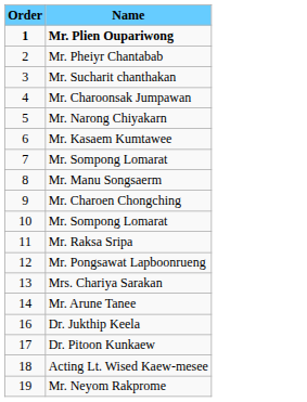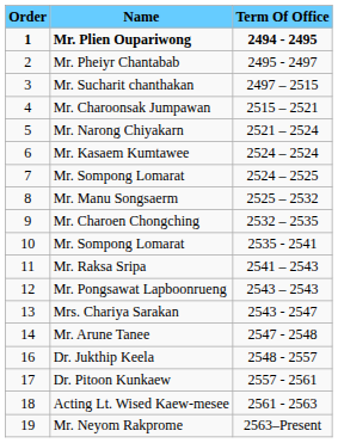 <table class="wikitable">
 <tr>
 <th style="background:#66ccff;text-align: center;">Order</th>
 <td style="background:#66ccff;text-align: center;"><strong>Name</strong></td>
+<th style="background:#66ccff;text-align: center;">Term Of Office</th>
 </tr>
 <tr>
 <td style = "text-align: center;"><strong>1</strong></td>
 <td><strong>Mr. Plien Oupariwong</strong></td>
+<td style = "text-align: center;"><strong>2494 - 2495</strong></td>
 </tr>
 <tr>
 <td style = "text-align: center;">2</td>
 <td>Mr. Pheiyr Chantabab</td>
+<td style = "text-align: center;">2495 - 2497</td>
 </tr>
 <tr>
 <td style = "text-align: center;">3</td>
 <td>Mr. Sucharit chanthakan</td>
+<td style = "text-align: center;">2497 – 2515</td>
 </tr>
 <tr>
 <td style = "text-align: center;">4</td>
 <td>Mr. Charoonsak Jumpawan</td>
+<td style = "text-align: center;">2515 – 2521</td>
 </tr>
 <tr>
 <td style = "text-align: center;">5</td>
 <td>Mr. Narong Chiyakarn</td>
+<td style = "text-align: center;">2521 – 2524</td>
 </tr>
 <tr>
 <td style = "text-align: center;">6</td>
 <td>Mr. Kasaem Kumtawee</td>
+<td style = "text-align: center;">2524 – 2524</td>
 </tr>
 <tr>
 <td style = "text-align: center;">7</td>
 <td>Mr. Sompong Lomarat</td>
+<td style = "text-align: center;">2524 – 2525</td>
 </tr>
 <tr>
 <td style = "text-align: center;">8</td>
 <td>Mr. Manu Songsaerm</td>
+<td style = "text-align: center;">2525 – 2532</td>
 </tr>
 <tr>
 <td style = "text-align: center;">9</td>
 <td>Mr. Charoen Chongching</td>
+<td style = "text-align: center;">2532 – 2535</td>
 </tr>
 <tr>
 <td style = "text-align: center;">10</td>
 <td>Mr. Sompong Lomarat</td>
+<td style = "text-align: center;">2535 - 2541</td>
 </tr>
 <tr>
 <td style = "text-align: center;">11</td>
 <td>Mr. Raksa Sripa</td>
+<td style = "text-align: center;">2541 – 2543</td>
 </tr>
 <tr>
 <td style = "text-align: center;">12</td>
 <td>Mr. Pongsawat Lapboonrueng</td>
+<td style = "text-align: center;">2543 – 2543</td>
 </tr>
 <tr>
 <td style = "text-align: center;">13</td>
 <td>Mrs. Chariya Sarakan</td>
+<td style = "text-align: center;">2543 - 2547</td>
 </tr>
 <tr>
 <td style = "text-align: center;">14</td>
 <td>Mr. Arune Tanee</td>
+<td style = "text-align: center;">2547 - 2548</td>
 </tr>
 <tr>
 <td style = "text-align: center;">16</td>
 <td>Dr. Jukthip Keela</td>
+<td style = "text-align: center;">2548 - 2557</td>
 </tr>
 <tr>
 <td style = "text-align: center;">17</td>
 <td>Dr. Pitoon Kunkaew</td>
+<td style = "text-align: center;">2557 - 2561</td>
 </tr>
 <tr>
 <td style = "text-align: center;">18</td>
 <td>Acting Lt. Wised Kaew-mesee</td>
+<td style = "text-align: center;">2561 - 2563</td>
 </tr>
 <tr>
 <td style = "text-align: center;">19</td>
 <td>Mr. Neyom Rakprome</td>
+<td style = "text-align: center;">2563–Present</td>
 </tr>
 </table>
